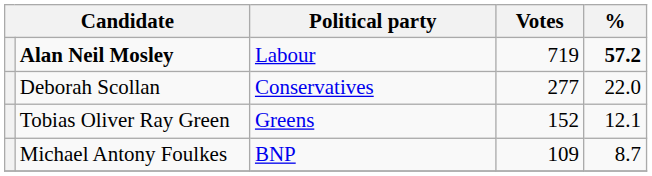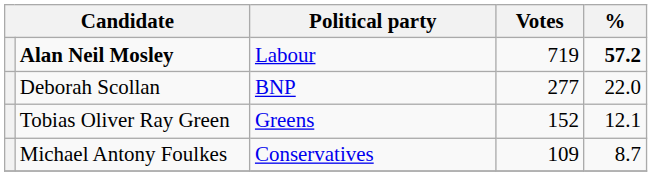 <table class="wikitable">
 <tr>
 <th valign=top colspan="2" style="width: 180px">Candidate</th>
 <th valign=top style="width: 180px">Political party</th>
 <th valign=top style="width: 60px">Votes</th>
 <th valign=top style="width: 40px">%</th>
 </tr>
 <tr>
 <th style="background-color: "></th>
 <td><strong>Alan Neil Mosley</strong></td>
 <td><a href='#'>Labour</a></td>
 <td align="right">719</td>
 <td align="right"><strong>57.2</strong></td>
 </tr>
 <tr>
 <th style="background-color: "></th>
 <td>Deborah Scollan</td>
-<td><a href='#'>Conservatives</a></td>
+<td><a href='#'>BNP</a></td>
 <td align="right">277</td>
 <td align="right">22.0</td>
 </tr>
 <tr>
 <th style="background-color: "></th>
 <td>Tobias Oliver Ray Green</td>
 <td><a href='#'>Greens</a></td>
 <td align="right">152</td>
 <td align="right">12.1</td>
 </tr>
 <tr>
 <th style="background-color: "></th>
 <td>Michael Antony Foulkes</td>
-<td><a href='#'>BNP</a></td>
+<td><a href='#'>Conservatives</a></td>
 <td align="right">109</td>
 <td align="right">8.7</td>
 </tr>
 <tr>
 </tr>
 </table>
